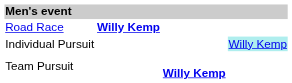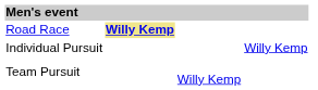 <table>
 <tr bgcolor="#cccccc">
 <td colspan=7><strong>Men's event</strong></td>
 </tr>
 <tr>
 <td><a href='#'>Road Race</a></td>
-<td><strong><a href='#'>Willy Kemp</a></strong><br><small></small></td>
+<td style="background: khaki;"><strong><a href='#'>Willy Kemp</a></strong><br><small></small></td>
 <td></td>
 <td></td>
 </tr>
 <tr>
 <td>Individual Pursuit</td>
 <td></td>
 <td></td>
-<td style="background: paleturquoise;"><a href='#'>Willy Kemp</a><br><small></small></td>
+<td><a href='#'>Willy Kemp</a><br><small></small></td>
 </tr>
 <tr>
 <td>Team Pursuit</td>
 <td></td>
-<td><strong><br><a href='#'>Willy Kemp</a><br></strong></td>
+<td><br><a href='#'>Willy Kemp</a><br></td>
 <td></td>
 </tr>
 </table>
